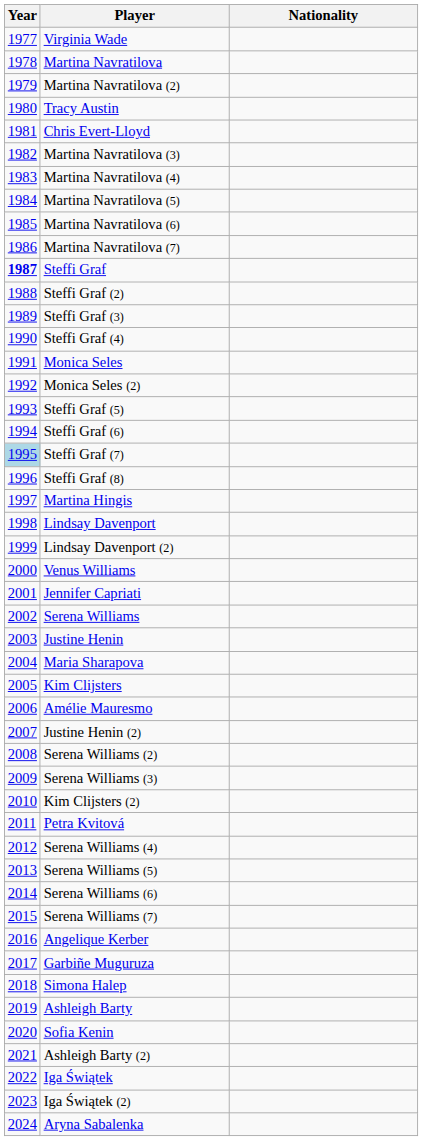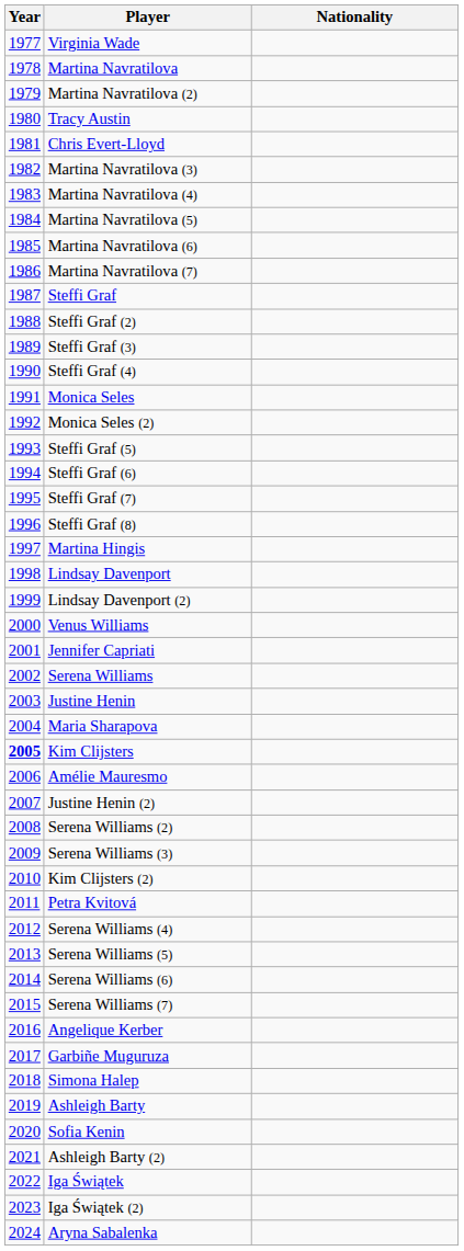 <table class="wikitable">
 <tr>
 <th>Year</th>
 <th width=200>Player</th>
 <th width=200>Nationality</th>
 </tr>
 <tr>
 <td><a href='#'>1977</a></td>
 <td><a href='#'>Virginia Wade</a></td>
 <td></td>
 </tr>
 <tr>
 <td><a href='#'>1978</a></td>
 <td><a href='#'>Martina Navratilova</a></td>
 <td></td>
 </tr>
 <tr>
 <td><a href='#'>1979</a></td>
 <td>Martina Navratilova <small>(2)</small></td>
 <td></td>
 </tr>
 <tr>
 <td><a href='#'>1980</a></td>
 <td><a href='#'>Tracy Austin</a></td>
 <td></td>
 </tr>
 <tr>
 <td><a href='#'>1981</a></td>
 <td><a href='#'>Chris Evert-Lloyd</a></td>
 <td></td>
 </tr>
 <tr>
 <td><a href='#'>1982</a></td>
 <td>Martina Navratilova <small>(3)</small></td>
 <td></td>
 </tr>
 <tr>
 <td><a href='#'>1983</a></td>
 <td>Martina Navratilova <small>(4)</small></td>
 <td></td>
 </tr>
 <tr>
 <td><a href='#'>1984</a></td>
 <td>Martina Navratilova <small>(5)</small></td>
 <td></td>
 </tr>
 <tr>
 <td><a href='#'>1985</a></td>
 <td>Martina Navratilova <small>(6)</small></td>
 <td></td>
 </tr>
 <tr>
 <td><a href='#'>1986</a></td>
 <td>Martina Navratilova <small>(7)</small></td>
 <td></td>
 </tr>
 <tr>
-<td><strong><a href='#'>1987</a></strong></td>
+<td><a href='#'>1987</a></td>
 <td><a href='#'>Steffi Graf</a></td>
 <td></td>
 </tr>
 <tr>
 <td><a href='#'>1988</a></td>
 <td>Steffi Graf <small>(2)</small></td>
 <td></td>
 </tr>
 <tr>
 <td><a href='#'>1989</a></td>
 <td>Steffi Graf <small>(3)</small></td>
 <td></td>
 </tr>
 <tr>
 <td><a href='#'>1990</a></td>
 <td>Steffi Graf <small>(4)</small></td>
 <td></td>
 </tr>
 <tr>
 <td><a href='#'>1991</a></td>
 <td><a href='#'>Monica Seles</a></td>
 <td></td>
 </tr>
 <tr>
 <td><a href='#'>1992</a></td>
 <td>Monica Seles <small>(2)</small></td>
 <td></td>
 </tr>
 <tr>
 <td><a href='#'>1993</a></td>
 <td>Steffi Graf <small>(5)</small></td>
 <td></td>
 </tr>
 <tr>
 <td><a href='#'>1994</a></td>
 <td>Steffi Graf <small>(6)</small></td>
 <td></td>
 </tr>
 <tr>
-<td style="background: lightblue;"><a href='#'>1995</a></td>
+<td><a href='#'>1995</a></td>
 <td>Steffi Graf <small>(7)</small></td>
 <td></td>
 </tr>
 <tr>
 <td><a href='#'>1996</a></td>
 <td>Steffi Graf <small>(8)</small></td>
 <td></td>
 </tr>
 <tr>
 <td><a href='#'>1997</a></td>
 <td><a href='#'>Martina Hingis</a></td>
 <td></td>
 </tr>
 <tr>
 <td><a href='#'>1998</a></td>
 <td><a href='#'>Lindsay Davenport</a></td>
 <td></td>
 </tr>
 <tr>
 <td><a href='#'>1999</a></td>
 <td>Lindsay Davenport <small>(2)</small></td>
 <td></td>
 </tr>
 <tr>
 <td><a href='#'>2000</a></td>
 <td><a href='#'>Venus Williams</a></td>
 <td></td>
 </tr>
 <tr>
 <td><a href='#'>2001</a></td>
 <td><a href='#'>Jennifer Capriati</a></td>
 <td></td>
 </tr>
 <tr>
 <td><a href='#'>2002</a></td>
 <td><a href='#'>Serena Williams</a></td>
 <td></td>
 </tr>
 <tr>
 <td><a href='#'>2003</a></td>
 <td><a href='#'>Justine Henin</a></td>
 <td></td>
 </tr>
 <tr>
 <td><a href='#'>2004</a></td>
 <td><a href='#'>Maria Sharapova</a></td>
 <td></td>
 </tr>
 <tr>
-<td><a href='#'>2005</a></td>
+<td><strong><a href='#'>2005</a></strong></td>
 <td><a href='#'>Kim Clijsters</a></td>
 <td></td>
 </tr>
 <tr>
 <td><a href='#'>2006</a></td>
 <td><a href='#'>Amélie Mauresmo</a></td>
 <td></td>
 </tr>
 <tr>
 <td><a href='#'>2007</a></td>
 <td>Justine Henin <small>(2)</small></td>
 <td></td>
 </tr>
 <tr>
 <td><a href='#'>2008</a></td>
 <td>Serena Williams <small>(2)</small></td>
 <td></td>
 </tr>
 <tr>
 <td><a href='#'>2009</a></td>
 <td>Serena Williams <small>(3)</small></td>
 <td></td>
 </tr>
 <tr>
 <td><a href='#'>2010</a></td>
 <td>Kim Clijsters <small>(2)</small></td>
 <td></td>
 </tr>
 <tr>
 <td><a href='#'>2011</a></td>
 <td><a href='#'>Petra Kvitová</a></td>
 <td></td>
 </tr>
 <tr>
 <td><a href='#'>2012</a></td>
 <td>Serena Williams <small>(4)</small></td>
 <td></td>
 </tr>
 <tr>
 <td><a href='#'>2013</a></td>
 <td>Serena Williams <small>(5)</small></td>
 <td></td>
 </tr>
 <tr>
 <td><a href='#'>2014</a></td>
 <td>Serena Williams <small>(6)</small></td>
 <td></td>
 </tr>
 <tr>
 <td><a href='#'>2015</a></td>
 <td>Serena Williams <small>(7)</small></td>
 <td></td>
 </tr>
 <tr>
 <td><a href='#'>2016</a></td>
 <td><a href='#'>Angelique Kerber</a></td>
 <td></td>
 </tr>
 <tr>
 <td><a href='#'>2017</a></td>
 <td><a href='#'>Garbiñe Muguruza</a></td>
 <td></td>
 </tr>
 <tr>
 <td><a href='#'>2018</a></td>
 <td><a href='#'>Simona Halep</a></td>
 <td></td>
 </tr>
 <tr>
 <td><a href='#'>2019</a></td>
 <td><a href='#'>Ashleigh Barty</a></td>
 <td></td>
 </tr>
 <tr>
 <td><a href='#'>2020</a></td>
 <td><a href='#'>Sofia Kenin</a></td>
 <td></td>
 </tr>
 <tr>
 <td><a href='#'>2021</a></td>
 <td>Ashleigh Barty <small>(2)</small></td>
 <td></td>
 </tr>
 <tr>
 <td><a href='#'>2022</a></td>
 <td><a href='#'>Iga Świątek</a></td>
 <td></td>
 </tr>
 <tr>
 <td><a href='#'>2023</a></td>
 <td>Iga Świątek <small>(2)</small></td>
 <td></td>
 </tr>
 <tr>
 <td><a href='#'>2024</a></td>
 <td><a href='#'>Aryna Sabalenka</a></td>
 <td></td>
 </tr>
 </table>
